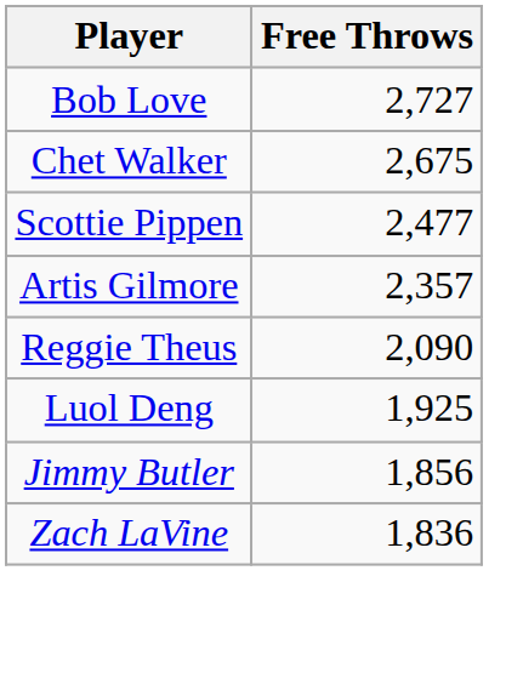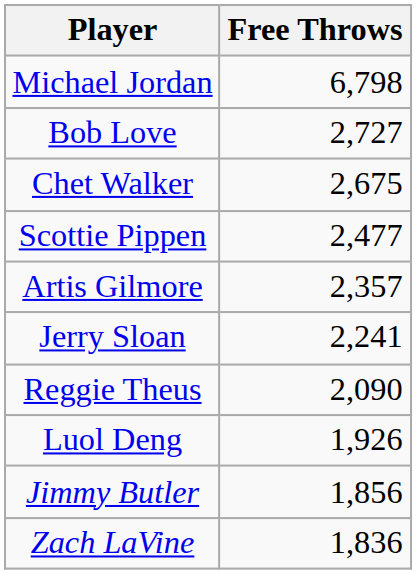 <table class="wikitable sortable">
 <tr>
 <th scope="col">Player</th>
 <th scope="col">Free Throws</th>
+</tr>
+<tr>
+<td style="text-align:center"><a href='#'>Michael Jordan</a></td>
+<td style="text-align:right">6,798</td>
 </tr>
 <tr>
 <td style="text-align:center"><a href='#'>Bob Love</a></td>
 <td style="text-align:right">2,727</td>
 </tr>
 <tr>
 <td style="text-align:center"><a href='#'>Chet Walker</a></td>
 <td style="text-align:right">2,675</td>
 </tr>
 <tr>
 <td style="text-align:center"><a href='#'>Scottie Pippen</a></td>
 <td style="text-align:right">2,477</td>
 </tr>
 <tr>
 <td style="text-align:center"><a href='#'>Artis Gilmore</a></td>
 <td style="text-align:right">2,357</td>
 </tr>
 <tr>
+<td style="text-align:center"><a href='#'>Jerry Sloan</a></td>
+<td style="text-align:right">2,241</td>
+</tr>
+<tr>
 <td style="text-align:center"><a href='#'>Reggie Theus</a></td>
 <td style="text-align:right">2,090</td>
 </tr>
 <tr>
 <td style="text-align:center"><a href='#'>Luol Deng</a></td>
-<td style="text-align:right">1,925</td>
+<td style="text-align:right">1,926</td>
 </tr>
 <tr>
 <td style="text-align:center"><em><a href='#'>Jimmy Butler</a></em></td>
 <td style="text-align:right">1,856</td>
 </tr>
 <tr>
 <td style="text-align:center"><em><a href='#'>Zach LaVine</a></em></td>
 <td style="text-align:right">1,836</td>
 </tr>
 </table>
